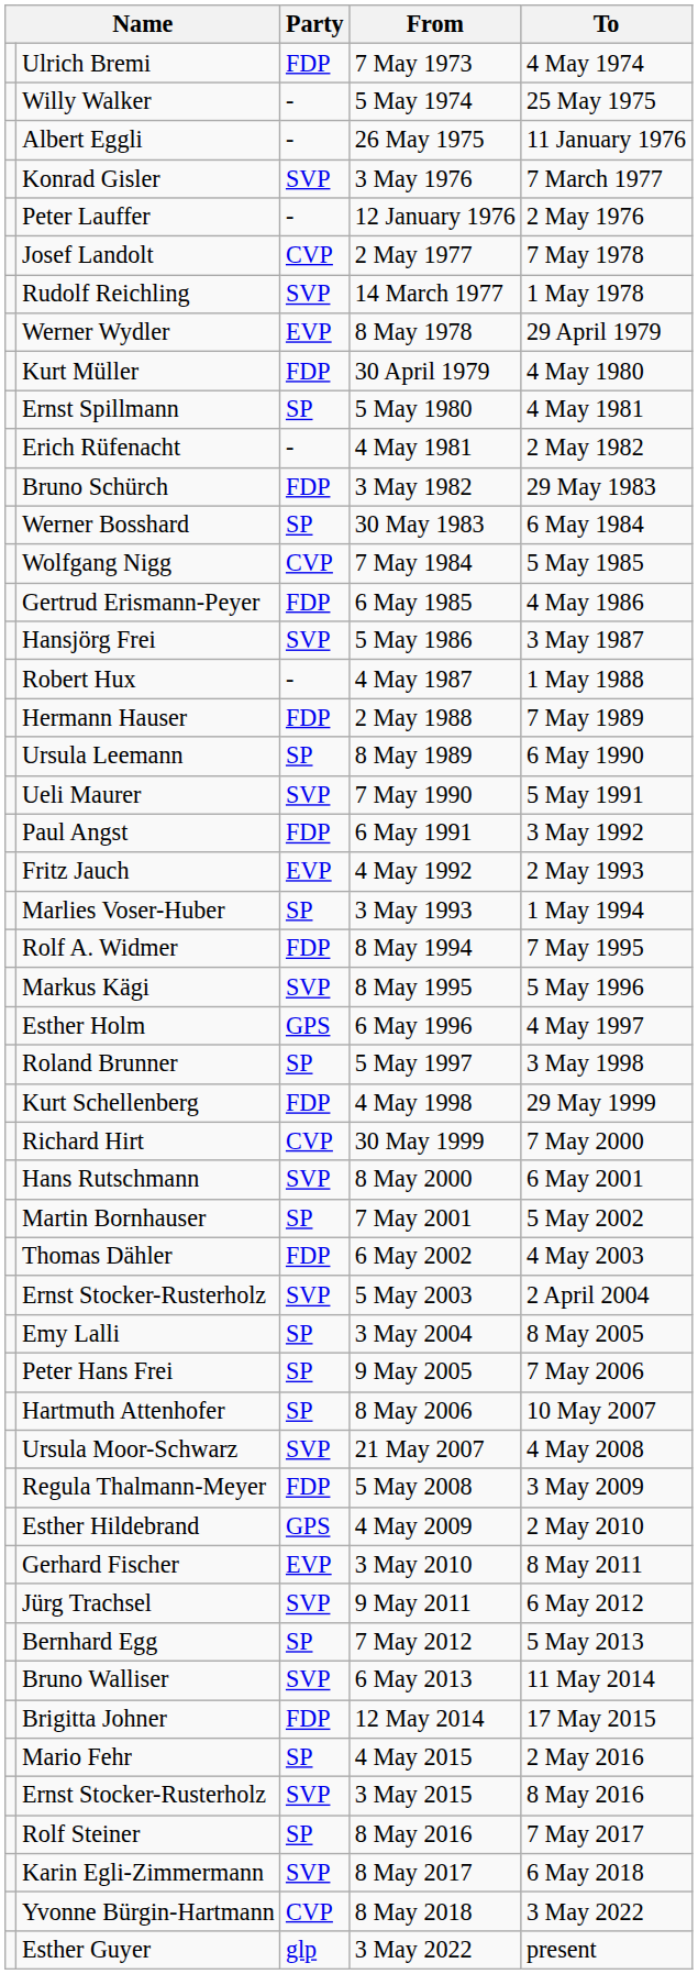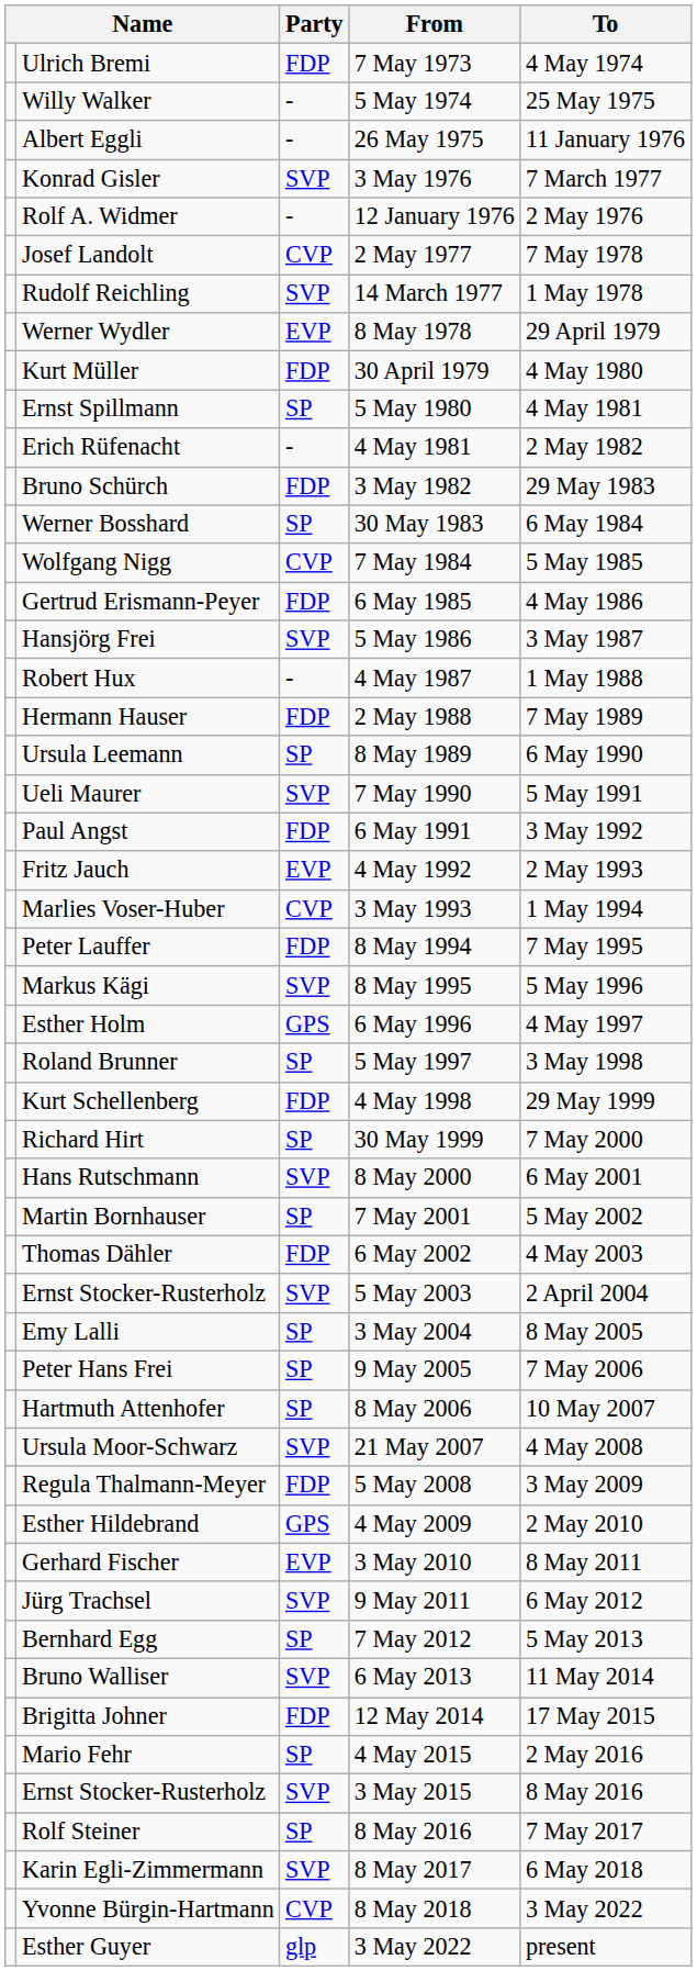 <table class= "wikitable">
 <tr>
 <th colspan=2>Name</th>
 <th>Party</th>
 <th>From</th>
 <th>To</th>
 </tr>
 <tr>
 <td style="background-color: "></td>
 <td>Ulrich Bremi</td>
 <td><a href='#'>FDP</a></td>
 <td>7 May 1973</td>
 <td>4 May 1974</td>
 </tr>
 <tr>
 <td style="background-color: "></td>
 <td>Willy Walker</td>
 <td>-</td>
 <td>5 May 1974</td>
 <td>25 May 1975</td>
 </tr>
 <tr>
 <td style="background-color: "></td>
 <td>Albert Eggli</td>
 <td>-</td>
 <td>26 May 1975</td>
 <td>11 January 1976</td>
 </tr>
 <tr>
 <td style="background-color: "></td>
 <td>Konrad Gisler</td>
 <td><a href='#'>SVP</a></td>
 <td>3 May 1976</td>
 <td>7 March 1977</td>
 </tr>
 <tr>
 <td style="background-color: "></td>
-<td>Peter Lauffer</td>
+<td>Rolf A. Widmer</td>
 <td>-</td>
 <td>12 January 1976</td>
 <td>2 May 1976</td>
 </tr>
 <tr>
 <td style="background-color: "></td>
 <td>Josef Landolt</td>
 <td><a href='#'>CVP</a></td>
 <td>2 May 1977</td>
 <td>7 May 1978</td>
 </tr>
 <tr>
 <td style="background-color: "></td>
 <td>Rudolf Reichling</td>
 <td><a href='#'>SVP</a></td>
 <td>14 March 1977</td>
 <td>1 May 1978</td>
 </tr>
 <tr>
 <td style="background-color: "></td>
 <td>Werner Wydler</td>
 <td><a href='#'>EVP</a></td>
 <td>8 May 1978</td>
 <td>29 April 1979</td>
 </tr>
 <tr>
 <td style="background-color: "></td>
 <td>Kurt Müller</td>
 <td><a href='#'>FDP</a></td>
 <td>30 April 1979</td>
 <td>4 May 1980</td>
 </tr>
 <tr>
 <td style="background-color: "></td>
 <td>Ernst Spillmann</td>
 <td><a href='#'>SP</a></td>
 <td>5 May 1980</td>
 <td>4 May 1981</td>
 </tr>
 <tr>
 <td style="background-color: "></td>
 <td>Erich Rüfenacht</td>
 <td>-</td>
 <td>4 May 1981</td>
 <td>2 May 1982</td>
 </tr>
 <tr>
 <td style="background-color: "></td>
 <td>Bruno Schürch</td>
 <td><a href='#'>FDP</a></td>
 <td>3 May 1982</td>
 <td>29 May 1983</td>
 </tr>
 <tr>
 <td style="background-color: "></td>
 <td>Werner Bosshard</td>
 <td><a href='#'>SP</a></td>
 <td>30 May 1983</td>
 <td>6 May 1984</td>
 </tr>
 <tr>
 <td style="background-color: "></td>
 <td>Wolfgang Nigg</td>
 <td><a href='#'>CVP</a></td>
 <td>7 May 1984</td>
 <td>5 May 1985</td>
 </tr>
 <tr>
 <td style="background-color: "></td>
 <td>Gertrud Erismann-Peyer</td>
 <td><a href='#'>FDP</a></td>
 <td>6 May 1985</td>
 <td>4 May 1986</td>
 </tr>
 <tr>
 <td style="background-color: "></td>
 <td>Hansjörg Frei</td>
 <td><a href='#'>SVP</a></td>
 <td>5 May 1986</td>
 <td>3 May 1987</td>
 </tr>
 <tr>
 <td style="background-color: "></td>
 <td>Robert Hux</td>
 <td>-</td>
 <td>4 May 1987</td>
 <td>1 May 1988</td>
 </tr>
 <tr>
 <td style="background-color: "></td>
 <td>Hermann Hauser</td>
 <td><a href='#'>FDP</a></td>
 <td>2 May 1988</td>
 <td>7 May 1989</td>
 </tr>
 <tr>
 <td style="background-color: "></td>
 <td>Ursula Leemann</td>
 <td><a href='#'>SP</a></td>
 <td>8 May 1989</td>
 <td>6 May 1990</td>
 </tr>
 <tr>
 <td style="background-color: "></td>
 <td>Ueli Maurer</td>
 <td><a href='#'>SVP</a></td>
 <td>7 May 1990</td>
 <td>5 May 1991</td>
 </tr>
 <tr>
 <td style="background-color: "></td>
 <td>Paul Angst</td>
 <td><a href='#'>FDP</a></td>
 <td>6 May 1991</td>
 <td>3 May 1992</td>
 </tr>
 <tr>
 <td style="background-color: "></td>
 <td>Fritz Jauch</td>
 <td><a href='#'>EVP</a></td>
 <td>4 May 1992</td>
 <td>2 May 1993</td>
 </tr>
 <tr>
 <td style="background-color: "></td>
 <td>Marlies Voser-Huber</td>
-<td><a href='#'>SP</a></td>
+<td><a href='#'>CVP</a></td>
 <td>3 May 1993</td>
 <td>1 May 1994</td>
 </tr>
 <tr>
 <td style="background-color: "></td>
-<td>Rolf A. Widmer</td>
+<td>Peter Lauffer</td>
 <td><a href='#'>FDP</a></td>
 <td>8 May 1994</td>
 <td>7 May 1995</td>
 </tr>
 <tr>
 <td style="background-color: "></td>
 <td>Markus Kägi</td>
 <td><a href='#'>SVP</a></td>
 <td>8 May 1995</td>
 <td>5 May 1996</td>
 </tr>
 <tr>
 <td style="background-color: "></td>
 <td>Esther Holm</td>
 <td><a href='#'>GPS</a></td>
 <td>6 May 1996</td>
 <td>4 May 1997</td>
 </tr>
 <tr>
 <td style="background-color: "></td>
 <td>Roland Brunner</td>
 <td><a href='#'>SP</a></td>
 <td>5 May 1997</td>
 <td>3 May 1998</td>
 </tr>
 <tr>
 <td style="background-color: "></td>
 <td>Kurt Schellenberg</td>
 <td><a href='#'>FDP</a></td>
 <td>4 May 1998</td>
 <td>29 May 1999</td>
 </tr>
 <tr>
 <td style="background-color: "></td>
 <td>Richard Hirt</td>
-<td><a href='#'>CVP</a></td>
+<td><a href='#'>SP</a></td>
 <td>30 May 1999</td>
 <td>7 May 2000</td>
 </tr>
 <tr>
 <td style="background-color: "></td>
 <td>Hans Rutschmann</td>
 <td><a href='#'>SVP</a></td>
 <td>8 May 2000</td>
 <td>6 May 2001</td>
 </tr>
 <tr>
 <td style="background-color: "></td>
 <td>Martin Bornhauser</td>
 <td><a href='#'>SP</a></td>
 <td>7 May 2001</td>
 <td>5 May 2002</td>
 </tr>
 <tr>
 <td style="background-color: "></td>
 <td>Thomas Dähler</td>
 <td><a href='#'>FDP</a></td>
 <td>6 May 2002</td>
 <td>4 May 2003</td>
 </tr>
 <tr>
 <td style="background-color: "></td>
 <td>Ernst Stocker-Rusterholz</td>
 <td><a href='#'>SVP</a></td>
 <td>5 May 2003</td>
 <td>2 April 2004</td>
 </tr>
 <tr>
 <td style="background-color: "></td>
 <td>Emy Lalli</td>
 <td><a href='#'>SP</a></td>
 <td>3 May 2004</td>
 <td>8 May 2005</td>
 </tr>
 <tr>
 <td style="background-color: "></td>
 <td>Peter Hans Frei</td>
 <td><a href='#'>SP</a></td>
 <td>9 May 2005</td>
 <td>7 May 2006</td>
 </tr>
 <tr>
 <td style="background-color: "></td>
 <td>Hartmuth Attenhofer</td>
 <td><a href='#'>SP</a></td>
 <td>8 May 2006</td>
 <td>10 May 2007</td>
 </tr>
 <tr>
 <td style="background-color: "></td>
 <td>Ursula Moor-Schwarz</td>
 <td><a href='#'>SVP</a></td>
 <td>21 May 2007</td>
 <td>4 May 2008</td>
 </tr>
 <tr>
 <td style="background-color: "></td>
 <td>Regula Thalmann-Meyer</td>
 <td><a href='#'>FDP</a></td>
 <td>5 May 2008</td>
 <td>3 May 2009</td>
 </tr>
 <tr>
 <td style="background-color: "></td>
 <td>Esther Hildebrand</td>
 <td><a href='#'>GPS</a></td>
 <td>4 May 2009</td>
 <td>2 May 2010</td>
 </tr>
 <tr>
 <td style="background-color: "></td>
 <td>Gerhard Fischer</td>
 <td><a href='#'>EVP</a></td>
 <td>3 May 2010</td>
 <td>8 May 2011</td>
 </tr>
 <tr>
 <td style="background-color: "></td>
 <td>Jürg Trachsel</td>
 <td><a href='#'>SVP</a></td>
 <td>9 May 2011</td>
 <td>6 May 2012</td>
 </tr>
 <tr>
 <td style="background-color: "></td>
 <td>Bernhard Egg</td>
 <td><a href='#'>SP</a></td>
 <td>7 May 2012</td>
 <td>5 May 2013</td>
 </tr>
 <tr>
 <td style="background-color: "></td>
 <td>Bruno Walliser</td>
 <td><a href='#'>SVP</a></td>
 <td>6 May 2013</td>
 <td>11 May 2014</td>
 </tr>
 <tr>
 <td style="background-color: "></td>
 <td>Brigitta Johner</td>
 <td><a href='#'>FDP</a></td>
 <td>12 May 2014</td>
 <td>17 May 2015</td>
 </tr>
 <tr>
 <td style="background-color: "></td>
 <td>Mario Fehr</td>
 <td><a href='#'>SP</a></td>
 <td>4 May 2015</td>
 <td>2 May 2016</td>
 </tr>
 <tr>
 <td style="background-color: "></td>
 <td>Ernst Stocker-Rusterholz</td>
 <td><a href='#'>SVP</a></td>
 <td>3 May 2015</td>
 <td>8 May 2016</td>
 </tr>
 <tr>
 <td style="background-color: "></td>
 <td>Rolf Steiner</td>
 <td><a href='#'>SP</a></td>
 <td>8 May 2016</td>
 <td>7 May 2017</td>
 </tr>
 <tr>
 <td style="background-color: "></td>
 <td>Karin Egli-Zimmermann</td>
 <td><a href='#'>SVP</a></td>
 <td>8 May 2017</td>
 <td>6 May 2018</td>
 </tr>
 <tr>
 <td style="background-color: "></td>
 <td>Yvonne Bürgin-Hartmann</td>
 <td><a href='#'>CVP</a></td>
 <td>8 May 2018</td>
 <td>3 May 2022</td>
 </tr>
 <tr>
 <td style="background-color: "></td>
 <td>Esther Guyer</td>
 <td><a href='#'>glp</a></td>
 <td>3 May 2022</td>
 <td>present</td>
 </tr>
 </table>
